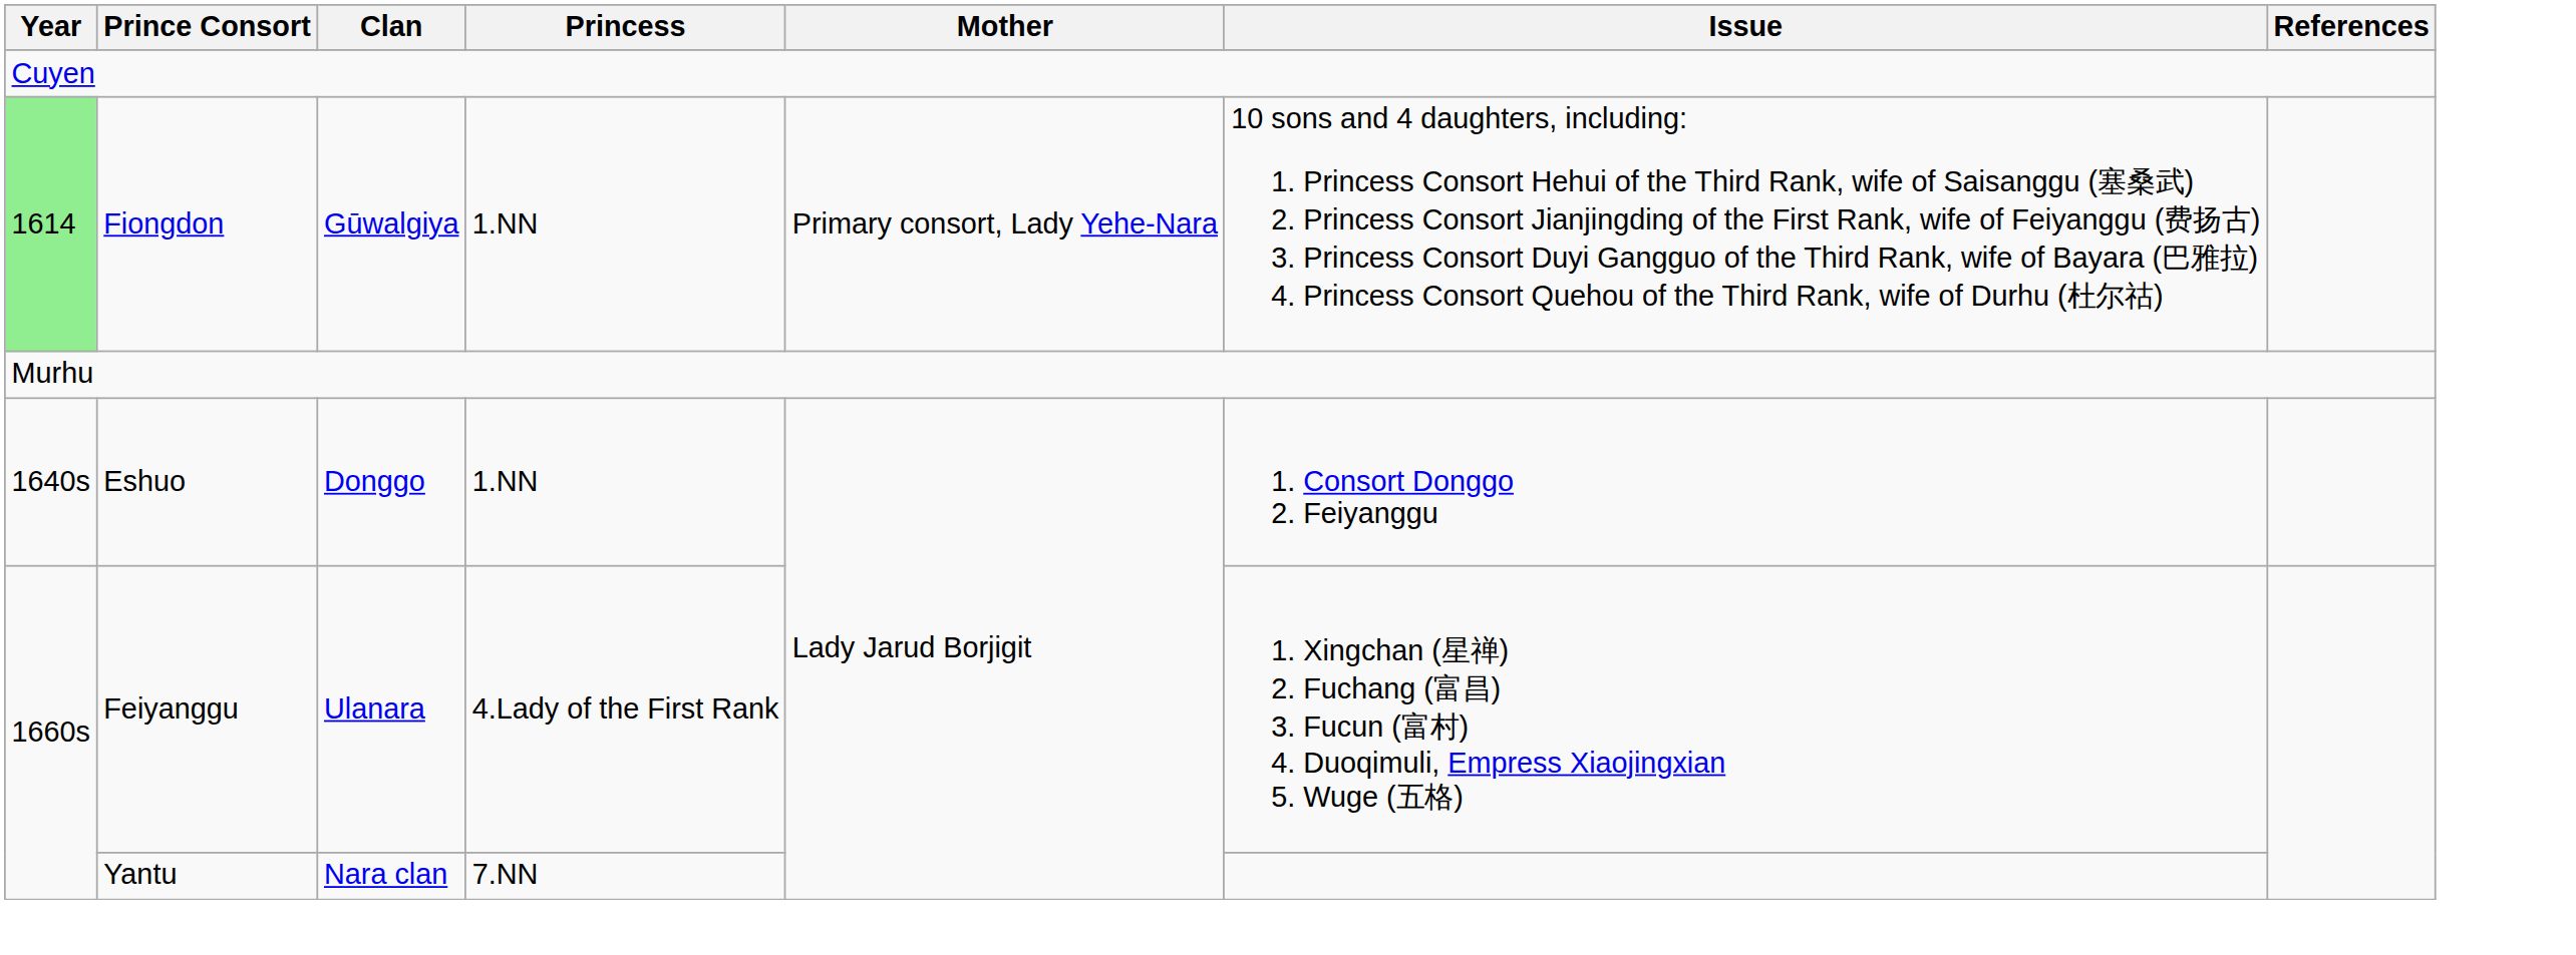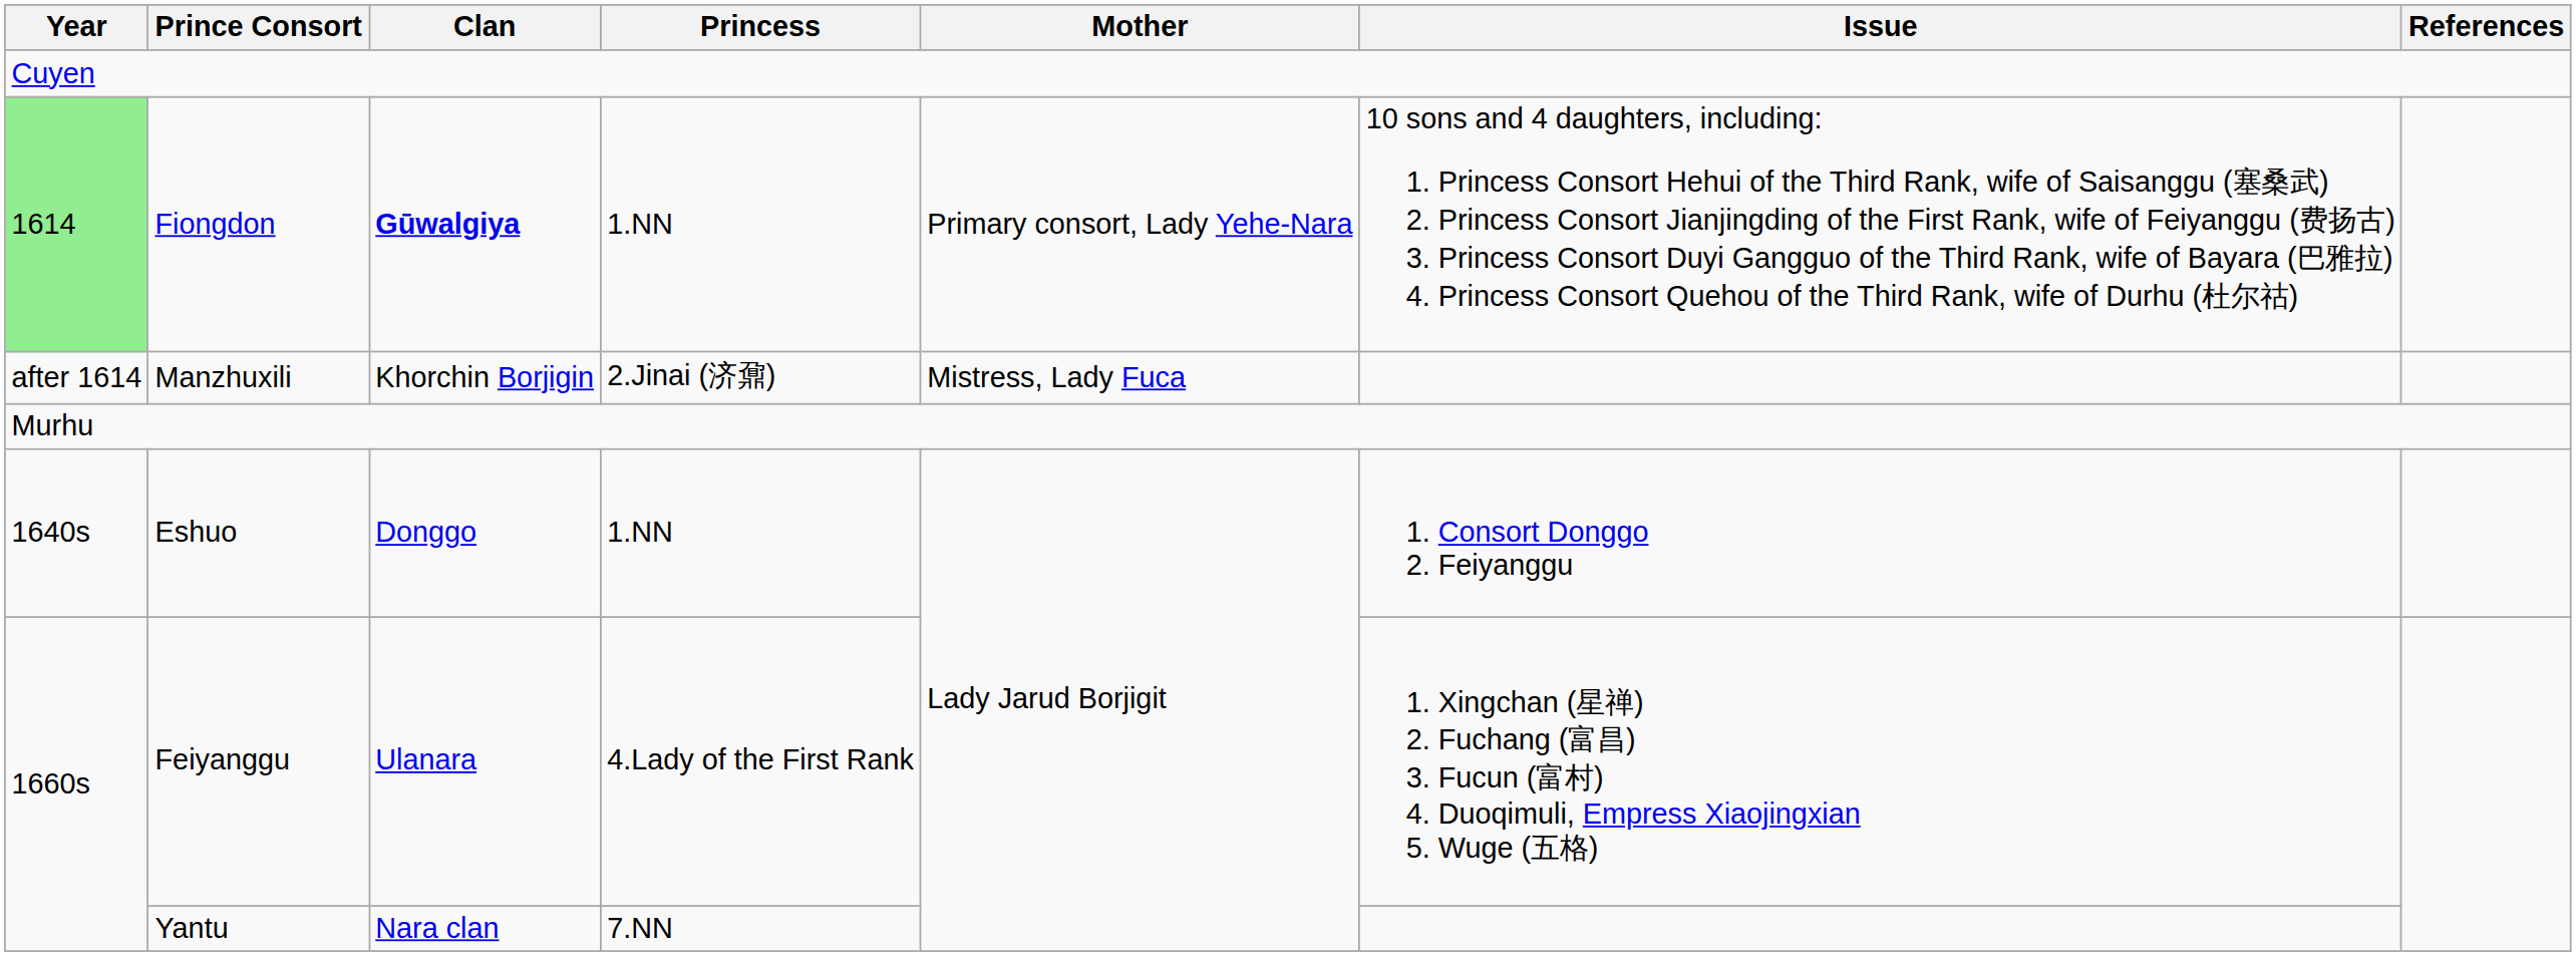 <table class="wikitable">
 <tr>
 <th>Year</th>
 <th>Prince Consort</th>
 <th>Clan</th>
 <th>Princess</th>
 <th>Mother</th>
 <th>Issue</th>
 <th>References</th>
 </tr>
 <tr>
 <td colspan="7"><a href='#'>Cuyen</a></td>
 </tr>
 <tr>
 <td style="background: lightgreen;">1614</td>
 <td><a href='#'>Fiongdon</a></td>
-<td><a href='#'>Gūwalgiya</a></td>
+<td><strong><a href='#'>Gūwalgiya</a></strong></td>
 <td>1.NN</td>
 <td>Primary consort, Lady <a href='#'>Yehe-Nara</a></td>
 <td>10 sons and 4 daughters, including:<br><ol><li>Princess Consort Hehui of the Third Rank, wife of Saisanggu (塞桑武)</li><li>Princess Consort Jianjingding of the First Rank, wife of Feiyanggu (费扬古)</li><li>Princess Consort Duyi Gangguo of the Third Rank, wife of Bayara (巴雅拉)</li><li>Princess Consort Quehou of the Third Rank, wife of Durhu (杜尔祜)</li></ol></td>
+<td></td>
+</tr>
+<tr>
+<td>after 1614</td>
+<td>Manzhuxili</td>
+<td>Khorchin <a href='#'>Borjigin</a></td>
+<td>2.Jinai (济鼐)</td>
+<td>Mistress, Lady <a href='#'>Fuca</a></td>
+<td></td>
 <td></td>
 </tr>
 <tr>
 <td colspan="7">Murhu</td>
 </tr>
 <tr>
 <td>1640s</td>
 <td>Eshuo</td>
 <td><a href='#'>Donggo</a></td>
 <td>1.NN</td>
 <td rowspan="3">Lady Jarud Borjigit</td>
 <td><br><ol><li><a href='#'>Consort Donggo</a></li><li>Feiyanggu</li></ol></td>
 <td></td>
 </tr>
 <tr>
 <td rowspan="2">1660s</td>
 <td>Feiyanggu</td>
 <td><a href='#'>Ulanara</a></td>
 <td>4.Lady of the First Rank</td>
 <td><br><ol><li>Xingchan (星禅)</li><li>Fuchang (富昌)</li><li>Fucun (富村)</li><li>Duoqimuli, <a href='#'>Empress Xiaojingxian</a></li><li>Wuge (五格)</li></ol></td>
 <td rowspan="2"></td>
 </tr>
 <tr>
 <td>Yantu</td>
 <td><a href='#'>Nara clan</a></td>
 <td>7.NN</td>
 <td></td>
 </tr>
 </table>
